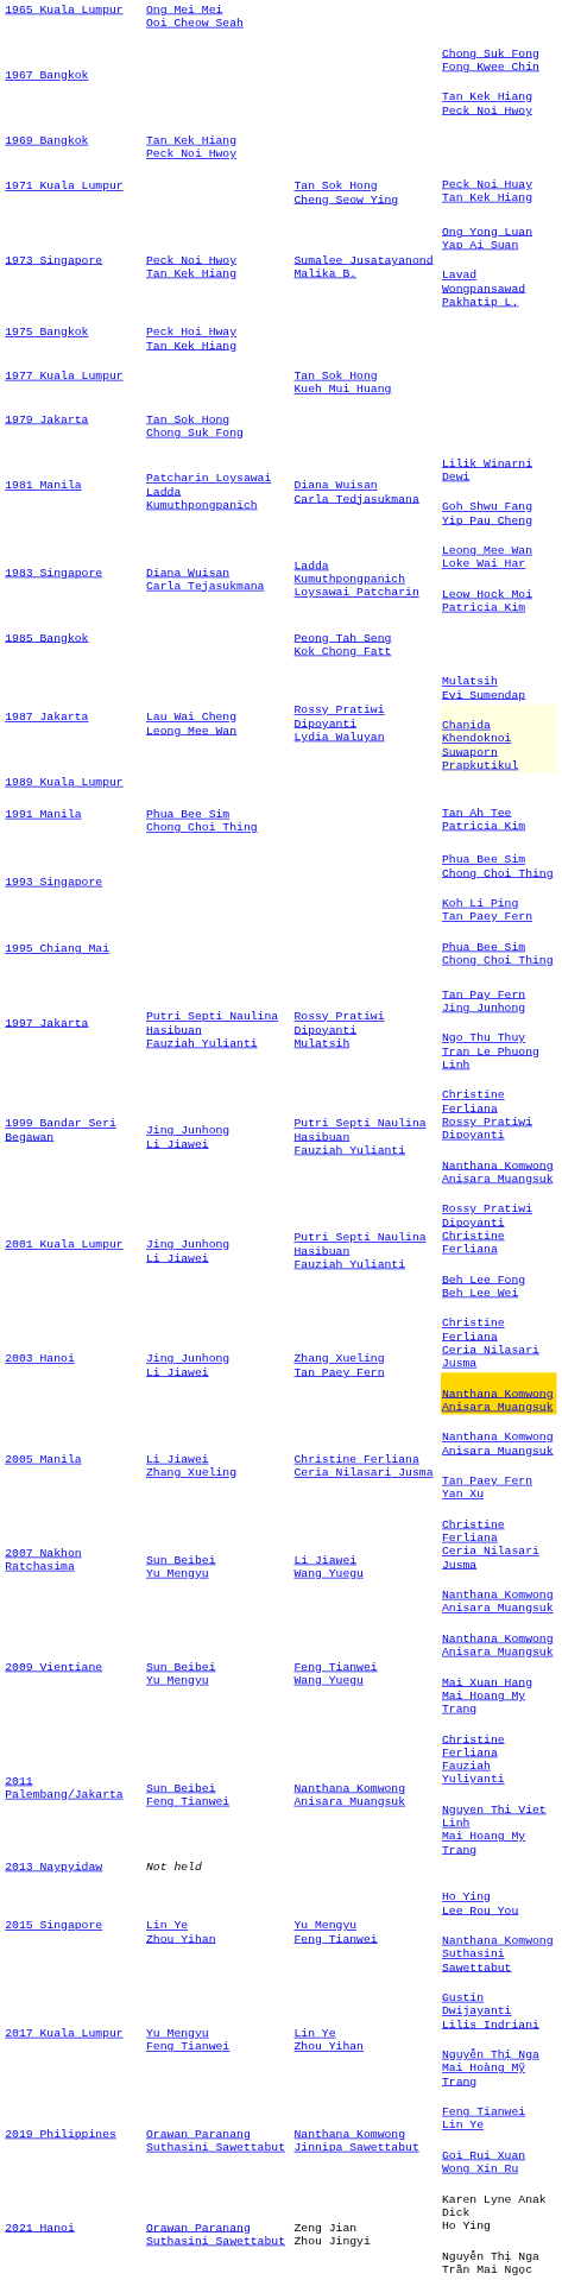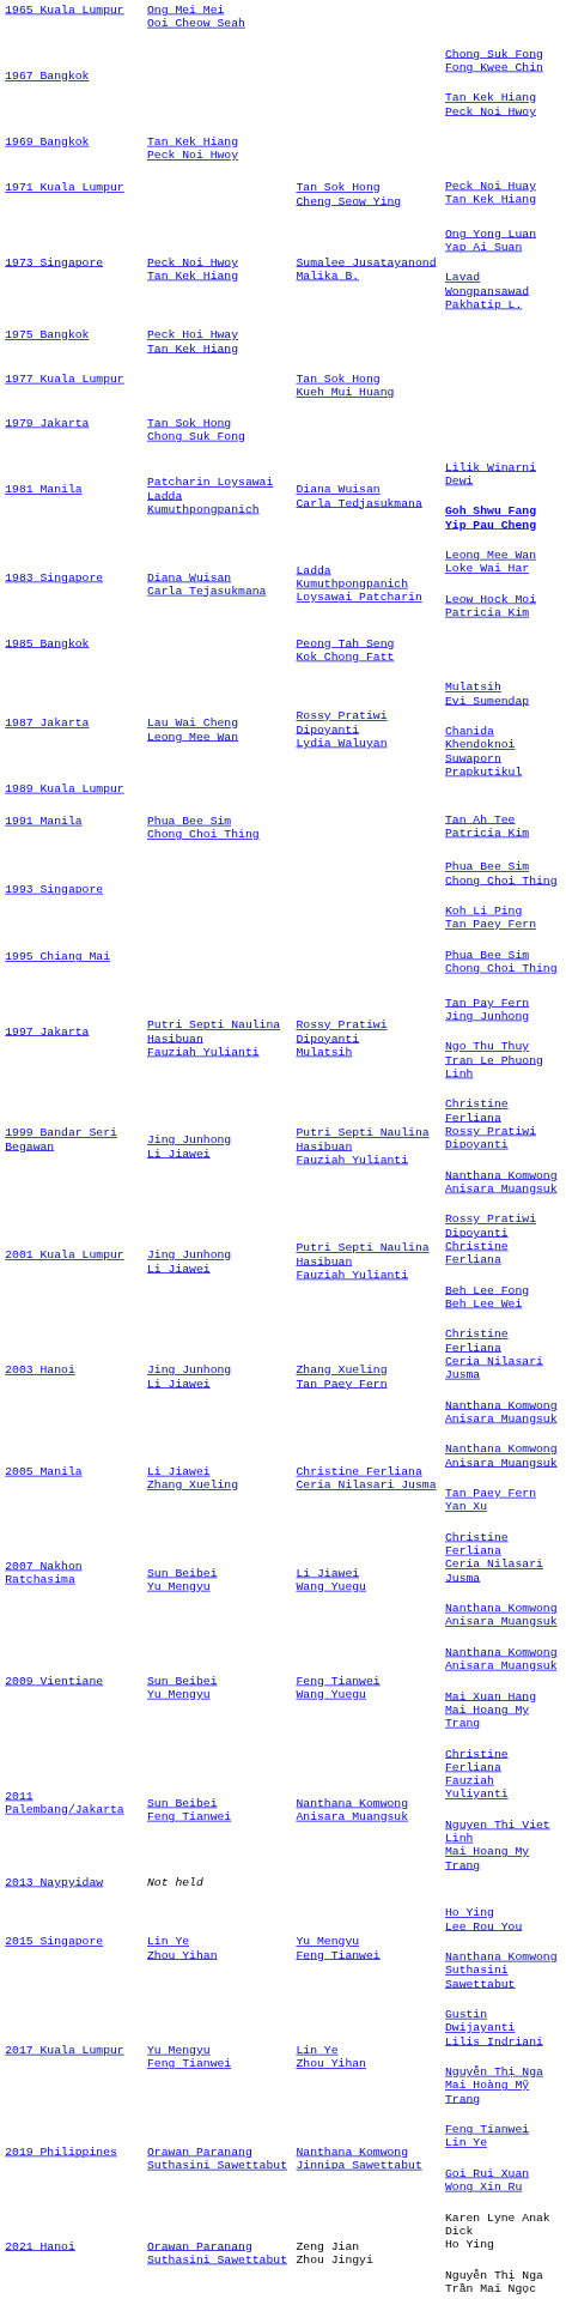 <table>
 <tr>
 <td><a href='#'>1965 Kuala Lumpur</a><br></td>
 <td><br><a href='#'>Ong Mei Mei</a><br><a href='#'>Ooi Cheow Seah</a></td>
 <td></td>
 <td></td>
 </tr>
 <tr>
 <td rowspan=2><a href='#'>1967 Bangkok</a><br></td>
 <td rowspan=2></td>
 <td rowspan=2></td>
 <td><br><a href='#'>Chong Suk Fong</a><br><a href='#'>Fong Kwee Chin</a></td>
 </tr>
 <tr>
 <td><br><a href='#'>Tan Kek Hiang</a><br><a href='#'>Peck Noi Hwoy</a></td>
 </tr>
 <tr>
 <td rowspan=2><a href='#'>1969 Bangkok</a><br></td>
 <td rowspan=2><br><a href='#'>Tan Kek Hiang</a><br><a href='#'>Peck Noi Hwoy</a></td>
 <td rowspan=2></td>
 <td></td>
 </tr>
 <tr>
 <td></td>
 </tr>
 <tr>
 <td rowspan=2><a href='#'>1971 Kuala Lumpur</a><br></td>
 <td rowspan=2></td>
 <td rowspan=2><br><a href='#'>Tan Sok Hong</a><br><a href='#'>Cheng Seow Ying</a></td>
 <td><br><a href='#'>Peck Noi Huay</a><br><a href='#'>Tan Kek Hiang</a></td>
 </tr>
 <tr>
 <td></td>
 </tr>
 <tr>
 <td rowspan=2><a href='#'>1973 Singapore</a><br></td>
 <td rowspan=2><br><a href='#'>Peck Noi Hwoy</a><br><a href='#'>Tan Kek Hiang</a></td>
 <td rowspan=2><br><a href='#'>Sumalee Jusatayanond</a><br><a href='#'>Malika B.</a></td>
 <td><br><a href='#'>Ong Yong Luan</a><br><a href='#'>Yap Ai Suan</a></td>
 </tr>
 <tr>
 <td><br><a href='#'>Lavad Wongpansawad</a><br><a href='#'>Pakhatip L.</a></td>
 </tr>
 <tr>
 <td rowspan=2><a href='#'>1975 Bangkok</a><br></td>
 <td rowspan=2><br><a href='#'>Peck Hoi Hway</a><br><a href='#'>Tan Kek Hiang</a></td>
 <td rowspan=2></td>
 <td></td>
 </tr>
 <tr>
 <td></td>
 </tr>
 <tr>
 <td rowspan=2><a href='#'>1977 Kuala Lumpur</a><br></td>
 <td rowspan=2></td>
 <td rowspan=2><br><a href='#'>Tan Sok Hong</a><br><a href='#'>Kueh Mui Huang</a></td>
 <td></td>
 </tr>
 <tr>
 <td></td>
 </tr>
 <tr>
 <td rowspan=2><a href='#'>1979 Jakarta</a><br></td>
 <td rowspan=2><br><a href='#'>Tan Sok Hong</a><br><a href='#'>Chong Suk Fong</a></td>
 <td rowspan=2></td>
 <td></td>
 </tr>
 <tr>
 <td></td>
 </tr>
 <tr>
 <td rowspan=2><a href='#'>1981 Manila</a><br></td>
 <td rowspan=2><br><a href='#'>Patcharin Loysawai</a><br><a href='#'>Ladda Kumuthpongpanich</a></td>
 <td rowspan=2><br><a href='#'>Diana Wuisan</a><br><a href='#'>Carla Tedjasukmana</a></td>
 <td><br><a href='#'>Lilik Winarni</a><br><a href='#'>Dewi</a></td>
 </tr>
 <tr>
-<td><br><a href='#'>Goh Shwu Fang</a><br><a href='#'>Yip Pau Cheng</a></td>
+<td><strong><br><a href='#'>Goh Shwu Fang</a><br><a href='#'>Yip Pau Cheng</a></strong></td>
 </tr>
 <tr>
 <td rowspan=2><a href='#'>1983 Singapore</a><br></td>
 <td rowspan=2><br><a href='#'>Diana Wuisan</a><br><a href='#'>Carla Tejasukmana</a></td>
 <td rowspan=2><br><a href='#'>Ladda Kumuthpongpanich</a><br><a href='#'>Loysawai Patcharin</a></td>
 <td><br><a href='#'>Leong Mee Wan</a><br><a href='#'>Loke Wai Har</a></td>
 </tr>
 <tr>
 <td><br><a href='#'>Leow Hock Moi</a><br><a href='#'>Patricia Kim</a></td>
 </tr>
 <tr>
 <td rowspan=2><a href='#'>1985 Bangkok</a><br></td>
 <td rowspan=2></td>
 <td rowspan=2><br><a href='#'>Peong Tah Seng</a><br><a href='#'>Kok Chong Fatt</a></td>
 <td></td>
 </tr>
 <tr>
 <td></td>
 </tr>
 <tr>
 <td rowspan=2><a href='#'>1987 Jakarta</a><br></td>
 <td rowspan=2><br><a href='#'>Lau Wai Cheng</a><br><a href='#'>Leong Mee Wan</a></td>
 <td rowspan=2><br><a href='#'>Rossy Pratiwi Dipoyanti</a><br><a href='#'>Lydia Waluyan</a></td>
 <td><br><a href='#'>Mulatsih</a><br><a href='#'>Evi Sumendap</a></td>
 </tr>
 <tr>
-<td style="background: lightyellow;"><br><a href='#'>Chanida Khendoknoi</a><br><a href='#'>Suwaporn Prapkutikul</a></td>
+<td><br><a href='#'>Chanida Khendoknoi</a><br><a href='#'>Suwaporn Prapkutikul</a></td>
 </tr>
 <tr>
 <td rowspan=2><a href='#'>1989 Kuala Lumpur</a><br></td>
 <td rowspan=2></td>
 <td rowspan=2></td>
 <td></td>
 </tr>
 <tr>
 <td></td>
 </tr>
 <tr>
 <td rowspan=2><a href='#'>1991 Manila</a><br></td>
 <td rowspan=2><br><a href='#'>Phua Bee Sim</a><br><a href='#'>Chong Choi Thing</a></td>
 <td rowspan=2></td>
 <td><br><a href='#'>Tan Ah Tee</a><br><a href='#'>Patricia Kim</a></td>
 </tr>
 <tr>
 <td></td>
 </tr>
 <tr>
 <td rowspan=2><a href='#'>1993 Singapore</a><br></td>
 <td rowspan=2></td>
 <td rowspan=2></td>
 <td><br><a href='#'>Phua Bee Sim</a><br><a href='#'>Chong Choi Thing</a></td>
 </tr>
 <tr>
 <td><br><a href='#'>Koh Li Ping</a><br><a href='#'>Tan Paey Fern</a></td>
 </tr>
 <tr>
 <td rowspan=2><a href='#'>1995 Chiang Mai</a><br></td>
 <td rowspan=2></td>
 <td rowspan=2></td>
 <td><br><a href='#'>Phua Bee Sim</a><br><a href='#'>Chong Choi Thing</a></td>
 </tr>
 <tr>
 <td></td>
 </tr>
 <tr>
 <td rowspan=2><a href='#'>1997 Jakarta</a><br></td>
 <td rowspan=2><br><a href='#'>Putri Septi Naulina Hasibuan</a><br><a href='#'>Fauziah Yulianti</a></td>
 <td rowspan=2><br><a href='#'>Rossy Pratiwi Dipoyanti</a><br><a href='#'>Mulatsih</a></td>
 <td><br><a href='#'>Tan Pay Fern</a><br><a href='#'>Jing Junhong</a></td>
 </tr>
 <tr>
 <td><br><a href='#'>Ngo Thu Thuy</a><br><a href='#'>Tran Le Phuong Linh</a></td>
 </tr>
 <tr>
 <td rowspan=2><a href='#'>1999 Bandar Seri Begawan</a><br></td>
 <td rowspan=2><br><a href='#'>Jing Junhong</a><br><a href='#'>Li Jiawei</a></td>
 <td rowspan=2><br><a href='#'>Putri Septi Naulina Hasibuan</a><br><a href='#'>Fauziah Yulianti</a></td>
 <td><br><a href='#'>Christine Ferliana</a><br><a href='#'>Rossy Pratiwi Dipoyanti</a></td>
 </tr>
 <tr>
 <td><br><a href='#'>Nanthana Komwong</a><br><a href='#'>Anisara Muangsuk</a></td>
 </tr>
 <tr>
 <td rowspan=2><a href='#'>2001 Kuala Lumpur</a><br></td>
 <td rowspan=2><br><a href='#'>Jing Junhong</a><br><a href='#'>Li Jiawei</a></td>
 <td rowspan=2><br><a href='#'>Putri Septi Naulina Hasibuan</a><br><a href='#'>Fauziah Yulianti</a></td>
 <td><br><a href='#'>Rossy Pratiwi Dipoyanti</a><br><a href='#'>Christine Ferliana</a></td>
 </tr>
 <tr>
 <td><br><a href='#'>Beh Lee Fong</a><br><a href='#'>Beh Lee Wei</a></td>
 </tr>
 <tr>
 <td rowspan=2><a href='#'>2003 Hanoi</a><br></td>
 <td rowspan=2><br><a href='#'>Jing Junhong</a><br><a href='#'>Li Jiawei</a></td>
 <td rowspan=2><br><a href='#'>Zhang Xueling</a><br><a href='#'>Tan Paey Fern</a></td>
 <td><br><a href='#'>Christine Ferliana</a><br><a href='#'>Ceria Nilasari Jusma</a></td>
 </tr>
 <tr>
-<td style="background: gold;"><br><a href='#'>Nanthana Komwong</a><br><a href='#'>Anisara Muangsuk</a></td>
+<td><br><a href='#'>Nanthana Komwong</a><br><a href='#'>Anisara Muangsuk</a></td>
 </tr>
 <tr>
 <td rowspan=2><a href='#'>2005 Manila</a><br></td>
 <td rowspan=2><br><a href='#'>Li Jiawei</a><br><a href='#'>Zhang Xueling</a></td>
 <td rowspan=2><br><a href='#'>Christine Ferliana</a><br><a href='#'>Ceria Nilasari Jusma</a></td>
 <td><br><a href='#'>Nanthana Komwong</a><br><a href='#'>Anisara Muangsuk</a></td>
 </tr>
 <tr>
 <td><br><a href='#'>Tan Paey Fern</a><br><a href='#'>Yan Xu</a></td>
 </tr>
 <tr>
 <td rowspan=2><a href='#'>2007 Nakhon Ratchasima</a><br></td>
 <td rowspan=2><br><a href='#'>Sun Beibei</a><br><a href='#'>Yu Mengyu</a></td>
 <td rowspan=2><br><a href='#'>Li Jiawei</a><br><a href='#'>Wang Yuegu</a></td>
 <td><br><a href='#'>Christine Ferliana</a><br><a href='#'>Ceria Nilasari Jusma</a></td>
 </tr>
 <tr>
 <td><br><a href='#'>Nanthana Komwong</a><br><a href='#'>Anisara Muangsuk</a></td>
 </tr>
 <tr>
 <td rowspan=2><a href='#'>2009 Vientiane</a><br></td>
 <td rowspan=2><br><a href='#'>Sun Beibei</a><br><a href='#'>Yu Mengyu</a></td>
 <td rowspan=2><br><a href='#'>Feng Tianwei</a><br><a href='#'>Wang Yuegu</a></td>
 <td><br><a href='#'>Nanthana Komwong</a><br><a href='#'>Anisara Muangsuk</a></td>
 </tr>
 <tr>
 <td><br><a href='#'>Mai Xuan Hang</a><br><a href='#'>Mai Hoang My Trang</a></td>
 </tr>
 <tr>
 <td rowspan=2><a href='#'>2011 Palembang/Jakarta</a><br></td>
 <td rowspan=2><br><a href='#'>Sun Beibei</a><br><a href='#'>Feng Tianwei</a></td>
 <td rowspan=2><br><a href='#'>Nanthana Komwong</a><br><a href='#'>Anisara Muangsuk</a></td>
 <td><br><a href='#'>Christine Ferliana</a><br><a href='#'>Fauziah Yuliyanti</a></td>
 </tr>
 <tr>
 <td><br><a href='#'>Nguyen Thi Viet Linh</a><br><a href='#'>Mai Hoang My Trang</a></td>
 </tr>
 <tr>
 <td><a href='#'>2013 Naypyidaw</a><br></td>
 <td colspan=3><em>Not held</em></td>
 </tr>
 <tr>
 <td rowspan=2><a href='#'>2015 Singapore</a><br></td>
 <td rowspan=2><br><a href='#'>Lin Ye</a><br><a href='#'>Zhou Yihan</a></td>
 <td rowspan=2><br><a href='#'>Yu Mengyu</a><br><a href='#'>Feng Tianwei</a></td>
 <td><br><a href='#'>Ho Ying</a><br><a href='#'>Lee Rou You</a></td>
 </tr>
 <tr>
 <td><br><a href='#'>Nanthana Komwong</a><br><a href='#'>Suthasini Sawettabut</a></td>
 </tr>
 <tr>
 <td rowspan=2><a href='#'>2017 Kuala Lumpur</a><br></td>
 <td rowspan=2><br><a href='#'>Yu Mengyu</a><br><a href='#'>Feng Tianwei</a></td>
 <td rowspan=2><br><a href='#'>Lin Ye</a><br><a href='#'>Zhou Yihan</a></td>
 <td><br><a href='#'>Gustin Dwijayanti</a><br><a href='#'>Lilis Indriani</a></td>
 </tr>
 <tr>
 <td><br><a href='#'>Nguyễn Thị Nga</a><br><a href='#'>Mai Hoàng Mỹ Trang</a></td>
 </tr>
 <tr>
 <td rowspan=2><a href='#'>2019 Philippines</a><br></td>
 <td rowspan=2><br><a href='#'>Orawan Paranang</a><br><a href='#'>Suthasini Sawettabut</a></td>
 <td rowspan=2><br><a href='#'>Nanthana Komwong</a><br><a href='#'>Jinnipa Sawettabut</a></td>
 <td><br><a href='#'>Feng Tianwei</a><br><a href='#'>Lin Ye</a></td>
 </tr>
 <tr>
 <td><br><a href='#'>Goi Rui Xuan</a><br><a href='#'>Wong Xin Ru</a></td>
 </tr>
 <tr>
 <td rowspan=2><a href='#'>2021 Hanoi</a><br></td>
 <td rowspan=2><br><a href='#'>Orawan Paranang</a><br><a href='#'>Suthasini Sawettabut</a></td>
 <td rowspan=2><br>Zeng Jian<br>Zhou Jingyi</td>
 <td><br>Karen Lyne Anak Dick<br>Ho Ying</td>
 </tr>
 <tr>
 <td><br>Nguyễn Thị Nga<br>Trần Mai Ngọc</td>
 </tr>
 <tr>
 </tr>
 </table>
